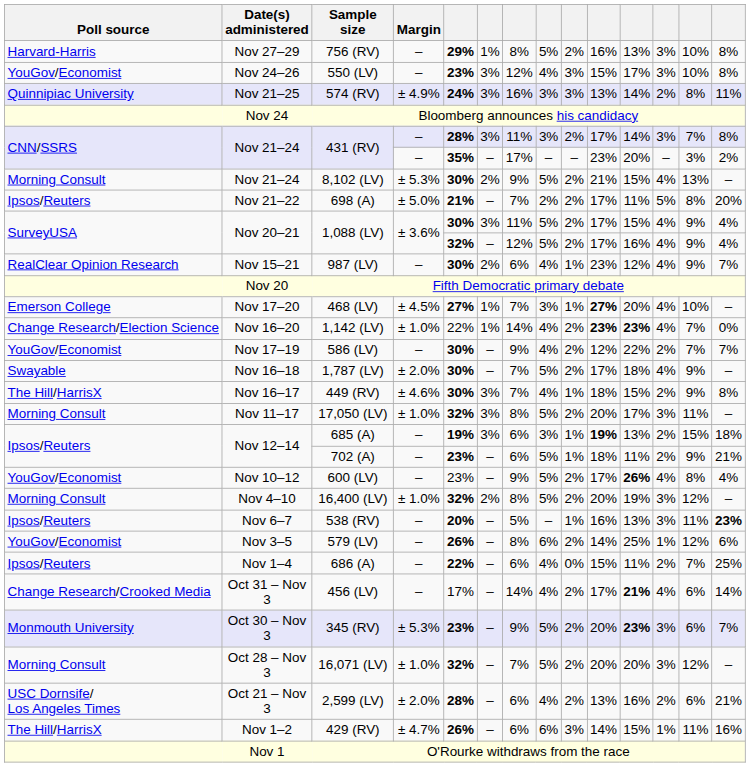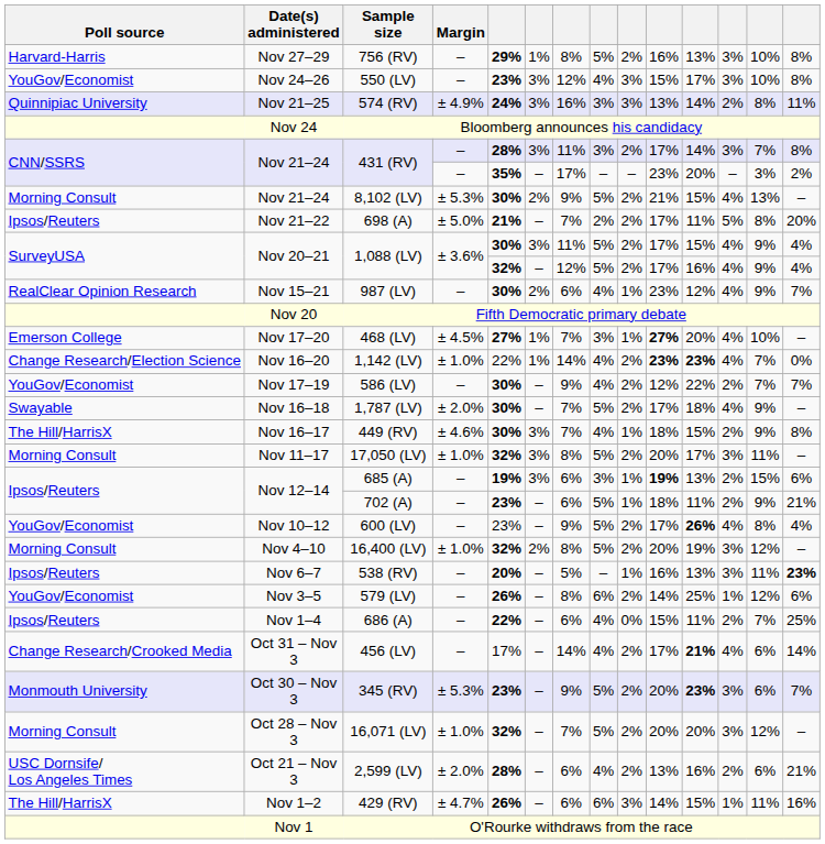 <table class="wikitable sortable" style="text-align:center;">
 <tr valign=bottom>
 <th style="background-position: right 85%;">Poll source</th>
 <th style="width:90px; background-position: right 85%;">Date(s)<br>administered</th>
 <th style="width:90px; background-position: right 85%;">Sample<br>size</th>
 <th style="width:50px; background-position: right 85%;">Margin<br></th>
 <th></th>
 <th></th>
 <th></th>
 <th></th>
 <th></th>
 <th></th>
 <th></th>
 <th></th>
 <th></th>
 <th></th>
 </tr>
 <tr>
 <td style="text-align:left;"><a href='#'>Harvard-Harris</a></td>
 <td>Nov 27–29</td>
 <td>756 (RV)</td>
 <td>–</td>
 <td><strong>29%</strong></td>
 <td>1%</td>
 <td>8%</td>
 <td>5%</td>
 <td>2%</td>
 <td>16%</td>
 <td>13%</td>
 <td>3%</td>
 <td>10%</td>
 <td>8%</td>
 </tr>
 <tr>
 <td style="text-align:left;"><a href='#'>YouGov</a>/<a href='#'>Economist</a></td>
 <td>Nov 24–26</td>
 <td>550 (LV)</td>
 <td>–</td>
 <td><strong>23%</strong></td>
 <td>3%</td>
 <td>12%</td>
 <td>4%</td>
 <td>3%</td>
 <td>15%</td>
 <td>17%</td>
 <td>3%</td>
 <td>10%</td>
 <td>8%</td>
 </tr>
 <tr bgcolor=lavender>
 <td style="text-align:left;"><a href='#'>Quinnipiac University</a></td>
 <td>Nov 21–25</td>
 <td>574 (RV)</td>
 <td>± 4.9%</td>
 <td><strong>24%</strong></td>
 <td>3%</td>
 <td>16%</td>
 <td>3%</td>
 <td>3%</td>
 <td>13%</td>
 <td>14%</td>
 <td>2%</td>
 <td>8%</td>
 <td>11%</td>
 </tr>
 <tr style="background:lightyellow;">
 <td style="border-right-style:hidden;"></td>
 <td style="border-right-style:hidden;">Nov 24</td>
 <td colspan="14">Bloomberg announces <a href='#'>his candidacy</a></td>
 </tr>
 <tr bgcolor=lavender>
 <td rowspan="2"style="text-align:left;"><a href='#'>CNN</a>/<a href='#'>SSRS</a></td>
 <td rowspan="2">Nov 21–24</td>
 <td rowspan="2">431 (RV)</td>
 <td>–</td>
 <td><strong>28%</strong></td>
 <td>3%</td>
 <td>11%</td>
 <td>3%</td>
 <td>2%</td>
 <td>17%</td>
 <td>14%</td>
 <td>3%</td>
 <td>7%</td>
 <td>8%</td>
 </tr>
 <tr>
 <td>–</td>
 <td><strong>35%</strong></td>
 <td>–</td>
 <td>17%</td>
 <td>–</td>
 <td>–</td>
 <td>23%</td>
 <td>20%</td>
 <td>–</td>
 <td>3%</td>
 <td>2%</td>
 </tr>
 <tr>
 <td style="text-align:left;"><a href='#'>Morning Consult</a></td>
 <td>Nov 21–24</td>
 <td>8,102 (LV)</td>
 <td>± 5.3%</td>
 <td><strong>30%</strong></td>
 <td>2%</td>
 <td>9%</td>
 <td>5%</td>
 <td>2%</td>
 <td>21%</td>
 <td>15%</td>
 <td>4%</td>
 <td>13%</td>
 <td>–</td>
 </tr>
 <tr>
 <td style="text-align:left;"><a href='#'>Ipsos</a>/<a href='#'>Reuters</a></td>
 <td>Nov 21–22</td>
 <td>698 (A)</td>
 <td>± 5.0%</td>
 <td><strong>21%</strong></td>
 <td>–</td>
 <td>7%</td>
 <td>2%</td>
 <td>2%</td>
 <td>17%</td>
 <td>11%</td>
 <td>5%</td>
 <td>8%</td>
 <td>20%</td>
 </tr>
 <tr>
 <td rowspan="2" style="text-align:left;"><a href='#'>SurveyUSA</a></td>
 <td rowspan="2">Nov 20–21</td>
 <td rowspan="2">1,088 (LV)</td>
 <td rowspan="2">± 3.6%</td>
 <td><strong>30%</strong></td>
 <td>3%</td>
 <td>11%</td>
 <td>5%</td>
 <td>2%</td>
 <td>17%</td>
 <td>15%</td>
 <td>4%</td>
 <td>9%</td>
 <td>4%</td>
 </tr>
 <tr>
 <td><strong>32%</strong></td>
 <td>–</td>
 <td>12%</td>
 <td>5%</td>
 <td>2%</td>
 <td>17%</td>
 <td>16%</td>
 <td>4%</td>
 <td>9%</td>
 <td>4%</td>
 </tr>
 <tr>
 <td style="text-align:left;"><a href='#'>RealClear Opinion Research</a></td>
 <td>Nov 15–21</td>
 <td>987 (LV)</td>
 <td>–</td>
 <td><strong>30%</strong></td>
 <td>2%</td>
 <td>6%</td>
 <td>4%</td>
 <td>1%</td>
 <td>23%</td>
 <td>12%</td>
 <td>4%</td>
 <td>9%</td>
 <td>7%</td>
 </tr>
 <tr style="background:lightyellow;">
 <td style="border-right-style:hidden;"></td>
 <td style="border-right-style:hidden;">Nov 20</td>
 <td colspan="14"><a href='#'>Fifth Democratic primary debate</a></td>
 </tr>
 <tr>
 <td style="text-align:left;"><a href='#'>Emerson College</a></td>
 <td>Nov 17–20</td>
 <td>468 (LV)</td>
 <td>± 4.5%</td>
 <td><strong>27%</strong></td>
 <td>1%</td>
 <td>7%</td>
 <td>3%</td>
 <td>1%</td>
 <td><strong>27%</strong></td>
 <td>20%</td>
 <td>4%</td>
 <td>10%</td>
 <td>–</td>
 </tr>
 <tr>
 <td style="text-align:left;"><a href='#'>Change Research</a>/<a href='#'>Election Science</a></td>
 <td>Nov 16–20</td>
 <td>1,142 (LV)</td>
 <td>± 1.0%</td>
 <td>22%</td>
 <td>1%</td>
 <td>14%</td>
 <td>4%</td>
 <td>2%</td>
 <td><strong>23%</strong></td>
 <td><strong>23%</strong></td>
 <td>4%</td>
 <td>7%</td>
 <td>0%</td>
 </tr>
 <tr>
 <td style="text-align:left;"><a href='#'>YouGov</a>/<a href='#'>Economist</a></td>
 <td>Nov 17–19</td>
 <td>586 (LV)</td>
 <td>–</td>
 <td><strong>30%</strong></td>
 <td>–</td>
 <td>9%</td>
 <td>4%</td>
 <td>2%</td>
 <td>12%</td>
 <td>22%</td>
 <td>2%</td>
 <td>7%</td>
 <td>7%</td>
 </tr>
 <tr>
 <td style="text-align:left;"><a href='#'>Swayable</a></td>
 <td>Nov 16–18</td>
 <td>1,787 (LV)</td>
 <td>± 2.0%</td>
 <td><strong>30%</strong></td>
 <td>–</td>
 <td>7%</td>
 <td>5%</td>
 <td>2%</td>
 <td>17%</td>
 <td>18%</td>
 <td>4%</td>
 <td>9%</td>
 <td>–</td>
 </tr>
 <tr>
 <td style="text-align:left;"><a href='#'>The Hill</a>/<a href='#'>HarrisX</a></td>
 <td>Nov 16–17</td>
 <td>449 (RV)</td>
 <td>± 4.6%</td>
 <td><strong>30%</strong></td>
 <td>3%</td>
 <td>7%</td>
 <td>4%</td>
 <td>1%</td>
 <td>18%</td>
 <td>15%</td>
 <td>2%</td>
 <td>9%</td>
 <td>8%</td>
 </tr>
 <tr>
 <td style="text-align:left;"><a href='#'>Morning Consult</a></td>
 <td>Nov 11–17</td>
 <td>17,050 (LV)</td>
 <td>± 1.0%</td>
 <td><strong>32%</strong></td>
 <td>3%</td>
 <td>8%</td>
 <td>5%</td>
 <td>2%</td>
 <td>20%</td>
 <td>17%</td>
 <td>3%</td>
 <td>11%</td>
 <td>–</td>
 </tr>
 <tr>
 <td rowspan="2" style="text-align:left;"><a href='#'>Ipsos</a>/<a href='#'>Reuters</a></td>
 <td rowspan="2">Nov 12–14</td>
 <td>685 (A)</td>
 <td>–</td>
 <td><strong>19%</strong></td>
 <td>3%</td>
 <td>6%</td>
 <td>3%</td>
 <td>1%</td>
 <td><strong>19%</strong></td>
 <td>13%</td>
 <td>2%</td>
 <td>15%</td>
-<td>18%</td>
+<td>6%</td>
 </tr>
 <tr>
 <td>702 (A)</td>
 <td>–</td>
 <td><strong>23%</strong></td>
 <td>–</td>
 <td>6%</td>
 <td>5%</td>
 <td>1%</td>
 <td>18%</td>
 <td>11%</td>
 <td>2%</td>
 <td>9%</td>
 <td>21%</td>
 </tr>
 <tr>
 <td style="text-align:left;"><a href='#'>YouGov</a>/<a href='#'>Economist</a></td>
 <td>Nov 10–12</td>
 <td>600 (LV)</td>
 <td>–</td>
 <td>23%</td>
 <td>–</td>
 <td>9%</td>
 <td>5%</td>
 <td>2%</td>
 <td>17%</td>
 <td><strong>26%</strong></td>
 <td>4%</td>
 <td>8%</td>
 <td>4%</td>
 </tr>
 <tr>
 <td style="text-align:left;"><a href='#'>Morning Consult</a></td>
 <td>Nov 4–10</td>
 <td>16,400 (LV)</td>
 <td>± 1.0%</td>
 <td><strong>32%</strong></td>
 <td>2%</td>
 <td>8%</td>
 <td>5%</td>
 <td>2%</td>
 <td>20%</td>
 <td>19%</td>
 <td>3%</td>
 <td>12%</td>
 <td>–</td>
 </tr>
 <tr>
 <td style="text-align:left;"><a href='#'>Ipsos</a>/<a href='#'>Reuters</a></td>
 <td>Nov 6–7</td>
 <td>538 (RV)</td>
 <td>–</td>
 <td><strong>20%</strong></td>
 <td>–</td>
 <td>5%</td>
 <td>–</td>
 <td>1%</td>
 <td>16%</td>
 <td>13%</td>
 <td>3%</td>
 <td>11%</td>
 <td><strong>23%</strong></td>
 </tr>
 <tr>
 <td style="text-align:left;"><a href='#'>YouGov</a>/<a href='#'>Economist</a></td>
 <td>Nov 3–5</td>
 <td>579 (LV)</td>
 <td>–</td>
 <td><strong>26%</strong></td>
 <td>–</td>
 <td>8%</td>
 <td>6%</td>
 <td>2%</td>
 <td>14%</td>
 <td>25%</td>
 <td>1%</td>
 <td>12%</td>
 <td>6%</td>
 </tr>
 <tr>
 <td style="text-align:left;"><a href='#'>Ipsos</a>/<a href='#'>Reuters</a></td>
 <td>Nov 1–4</td>
 <td>686 (A)</td>
 <td>–</td>
 <td><strong>22%</strong></td>
 <td>–</td>
 <td>6%</td>
 <td>4%</td>
 <td>0%</td>
 <td>15%</td>
 <td>11%</td>
 <td>2%</td>
 <td>7%</td>
 <td>25%</td>
 </tr>
 <tr>
 <td style="text-align:left;"><a href='#'>Change Research</a>/<a href='#'>Crooked Media</a></td>
 <td>Oct 31 – Nov 3</td>
 <td>456 (LV)</td>
 <td>–</td>
 <td>17%</td>
 <td>–</td>
 <td>14%</td>
 <td>4%</td>
 <td>2%</td>
 <td>17%</td>
 <td><strong>21%</strong></td>
 <td>4%</td>
 <td>6%</td>
 <td>14%</td>
 </tr>
 <tr bgcolor=lavender>
 <td style="text-align:left;"><a href='#'>Monmouth University</a></td>
 <td>Oct 30 – Nov 3</td>
 <td>345 (RV)</td>
 <td>± 5.3%</td>
 <td><strong>23%</strong></td>
 <td>–</td>
 <td>9%</td>
 <td>5%</td>
 <td>2%</td>
 <td>20%</td>
 <td><strong>23%</strong></td>
 <td>3%</td>
 <td>6%</td>
 <td>7%</td>
 </tr>
 <tr>
 <td style="text-align:left;"><a href='#'>Morning Consult</a></td>
 <td>Oct 28 – Nov 3</td>
 <td>16,071 (LV)</td>
 <td>± 1.0%</td>
 <td><strong>32%</strong></td>
 <td>–</td>
 <td>7%</td>
 <td>5%</td>
 <td>2%</td>
 <td>20%</td>
 <td>20%</td>
 <td>3%</td>
 <td>12%</td>
 <td>–</td>
 </tr>
 <tr>
 <td style="text-align:left;"><a href='#'>USC Dornsife</a>/<a href='#'><br>Los Angeles Times</a></td>
 <td>Oct 21 – Nov 3</td>
 <td>2,599 (LV)</td>
 <td>± 2.0%</td>
 <td><strong>28%</strong></td>
 <td>–</td>
 <td>6%</td>
 <td>4%</td>
 <td>2%</td>
 <td>13%</td>
 <td>16%</td>
 <td>2%</td>
 <td>6%</td>
 <td>21%</td>
 </tr>
 <tr>
 <td style="text-align:left;"><a href='#'>The Hill</a>/<a href='#'>HarrisX</a></td>
 <td>Nov 1–2</td>
 <td>429 (RV)</td>
 <td>± 4.7%</td>
 <td><strong>26%</strong></td>
 <td>–</td>
 <td>6%</td>
 <td>6%</td>
 <td>3%</td>
 <td>14%</td>
 <td>15%</td>
 <td>1%</td>
 <td>11%</td>
 <td>16%</td>
 </tr>
 <tr style="background:lightyellow;">
 <td style="border-right-style:hidden;"></td>
 <td style="border-right-style:hidden;">Nov 1</td>
 <td colspan="12">O'Rourke withdraws from the race</td>
 </tr>
 </table>
